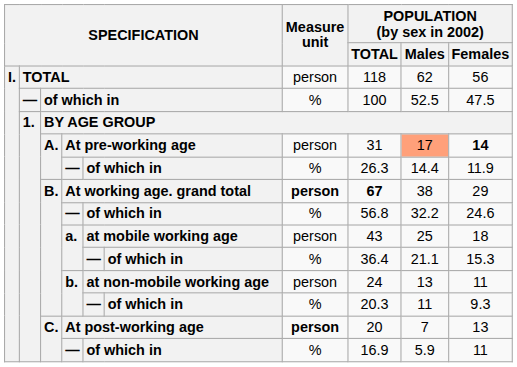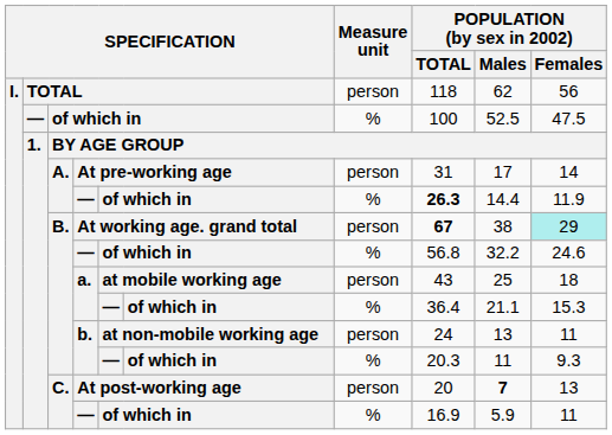 <table class="wikitable" style="font-size:85%; text-align:center">
 <tr>
 <th rowspan="2" colspan="6">SPECIFICATION</th>
 <th rowspan="2">Measure<br> unit</th>
 <th colspan="3" rowspan="1">POPULATION<br> (by sex in 2002)</th>
 </tr>
 <tr>
 <th>TOTAL</th>
 <th>Males</th>
 <th>Females</th>
 </tr>
 <tr>
 <th style="text-align:left" valign="top" rowspan="13">I.</th>
 <th style="text-align:left" colspan="5">TOTAL</th>
 <td>person</td>
 <td>118</td>
 <td>62</td>
 <td>56</td>
 </tr>
 <tr>
 <th style="text-align:left" valign="top">—</th>
 <th style="text-align:left" colspan="4">of which in</th>
 <td>%</td>
 <td>100</td>
 <td>52.5</td>
 <td>47.5</td>
 </tr>
 <tr>
 <th style="text-align:left" valign="top" rowspan="11">1.</th>
 <th style="text-align:left" colspan="19">BY AGE GROUP</th>
 </tr>
 <tr>
 <th style="text-align:left" valign="top" rowspan="2">A.</th>
 <th style="text-align:left" colspan="3">At pre-working age</th>
 <td>person</td>
 <td>31</td>
-<td style="background: lightsalmon;">17</td>
-<td><strong>14</strong></td>
+<td>17</td>
+<td>14</td>
 </tr>
 <tr>
 <th style="text-align:left" valign="top">—</th>
 <th style="text-align:left" valign="top" colspan="2">of which in</th>
 <td>%</td>
-<td>26.3</td>
+<td><strong>26.3</strong></td>
 <td>14.4</td>
 <td>11.9</td>
 </tr>
 <tr>
 <th style="text-align:left" valign="top" rowspan="6">B.</th>
 <th style="text-align:left" colspan="3">At working age. grand total</th>
-<td><strong>person</strong></td>
+<td>person</td>
 <td><strong>67</strong></td>
 <td>38</td>
-<td>29</td>
+<td style="background: paleturquoise;">29</td>
 </tr>
 <tr>
 <th style="text-align:left" valign="top">—</th>
 <th style="text-align:left" valign="top" colspan="2">of which in</th>
 <td>%</td>
 <td>56.8</td>
 <td>32.2</td>
 <td>24.6</td>
 </tr>
 <tr>
 <th style="text-align:left" valign="top" rowspan="2">a.</th>
 <th style="text-align:left" colspan="2">at mobile working age</th>
 <td>person</td>
 <td>43</td>
 <td>25</td>
 <td>18</td>
 </tr>
 <tr>
 <th style="text-align:left" valign="top">—</th>
 <th style="text-align:left" valign="top" colspan="1">of which in                        </th>
 <td>%</td>
 <td>36.4</td>
 <td>21.1</td>
 <td>15.3</td>
 </tr>
 <tr>
 <th style="text-align:left" valign="top" rowspan="2">b.</th>
 <th style="text-align:left" colspan="2">at non-mobile working age</th>
 <td>person</td>
 <td>24</td>
 <td>13</td>
 <td>11</td>
 </tr>
 <tr>
 <th style="text-align:left" valign="top">—</th>
 <th style="text-align:left" valign="top" colspan="1">of which in                        </th>
 <td>%</td>
 <td>20.3</td>
 <td>11</td>
 <td>9.3</td>
 </tr>
 <tr>
 <th style="text-align:left" valign="top" rowspan="2">C.</th>
 <th style="text-align:left" colspan="3">At post-working age</th>
-<td><strong>person</strong></td>
+<td>person</td>
 <td>20</td>
-<td>7</td>
+<td><strong>7</strong></td>
 <td>13</td>
 </tr>
 <tr>
 <th style="text-align:left" valign="top">—</th>
 <th style="text-align:left" valign="top" colspan="2">of which in</th>
 <td>%</td>
 <td>16.9</td>
 <td>5.9</td>
 <td>11</td>
 </tr>
 </table>
